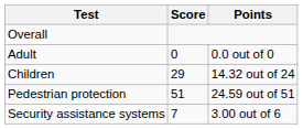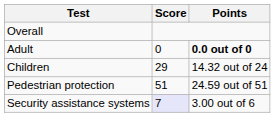 <table class="wikitable">
 <tr>
 <th>Test</th>
 <th>Score</th>
 <th>Points</th>
 </tr>
 <tr>
 <td>Overall</td>
 <td colspan="2" align="center"></td>
 </tr>
 <tr>
 <td>Adult</td>
 <td>0</td>
-<td>0.0 out of 0</td>
+<td><strong>0.0 out of 0</strong></td>
 </tr>
 <tr>
 <td>Children</td>
 <td>29</td>
 <td>14.32 out of 24</td>
 </tr>
 <tr>
 <td>Pedestrian protection</td>
 <td>51</td>
 <td>24.59 out of 51</td>
 </tr>
 <tr>
 <td>Security assistance systems</td>
-<td>7</td>
+<td style="background: lavender;">7</td>
 <td>3.00 out of 6</td>
 </tr>
 </table>
